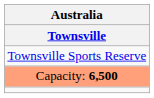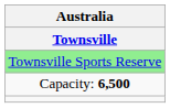 <table class="wikitable" style="text-align:center">
 <tr>
 <th colspan="7" style="text-align:center;"> Australia</th>
 </tr>
 <tr>
 <th><a href='#'>Townsville</a></th>
 </tr>
 <tr>
-<td style="text-align:center;"><a href='#'>Townsville Sports Reserve</a></td>
+<td style="background: lightgreen; text-align:center;"><a href='#'>Townsville Sports Reserve</a></td>
 </tr>
 <tr>
-<td style="background: lightsalmon;">Capacity: <strong>6,500</strong></td>
+<td>Capacity: <strong>6,500</strong></td>
 </tr>
 <tr>
 <td style="text-align:center;"><small></small></td>
 </tr>
 </table>
